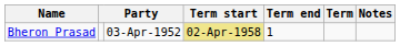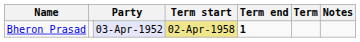 <table class="wikitable sortable">
 <tr>
 <th>Name</th>
 <th colspan="2">Party</th>
 <th>Term start</th>
 <th>Term end</th>
 <th>Term</th>
 <th>Notes</th>
 </tr>
 <tr>
 <td><a href='#'>Bheron Prasad</a></td>
 <td></td>
-<td>03-Apr-1952</td>
+<td style="background: lavender;">03-Apr-1952</td>
 <td style="background: khaki;">02-Apr-1958</td>
-<td>1</td>
+<td><strong>1</strong></td>
 <td></td>
 </tr>
 </table>
